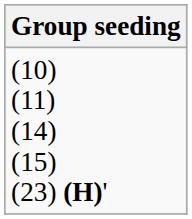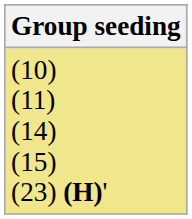 <table class="wikitable collapsible collapsed">
 <tr>
 <th>Group seeding</th>
 </tr>
 <tr>
-<td valign=top> (10)<br> (11)<br> (14)<br> (15)<br> (23) <strong>(H)</strong>'</td>
+<td valign=top style="background: khaki;"> (10)<br> (11)<br> (14)<br> (15)<br> (23) <strong>(H)</strong>'</td>
 </tr>
 </table>
